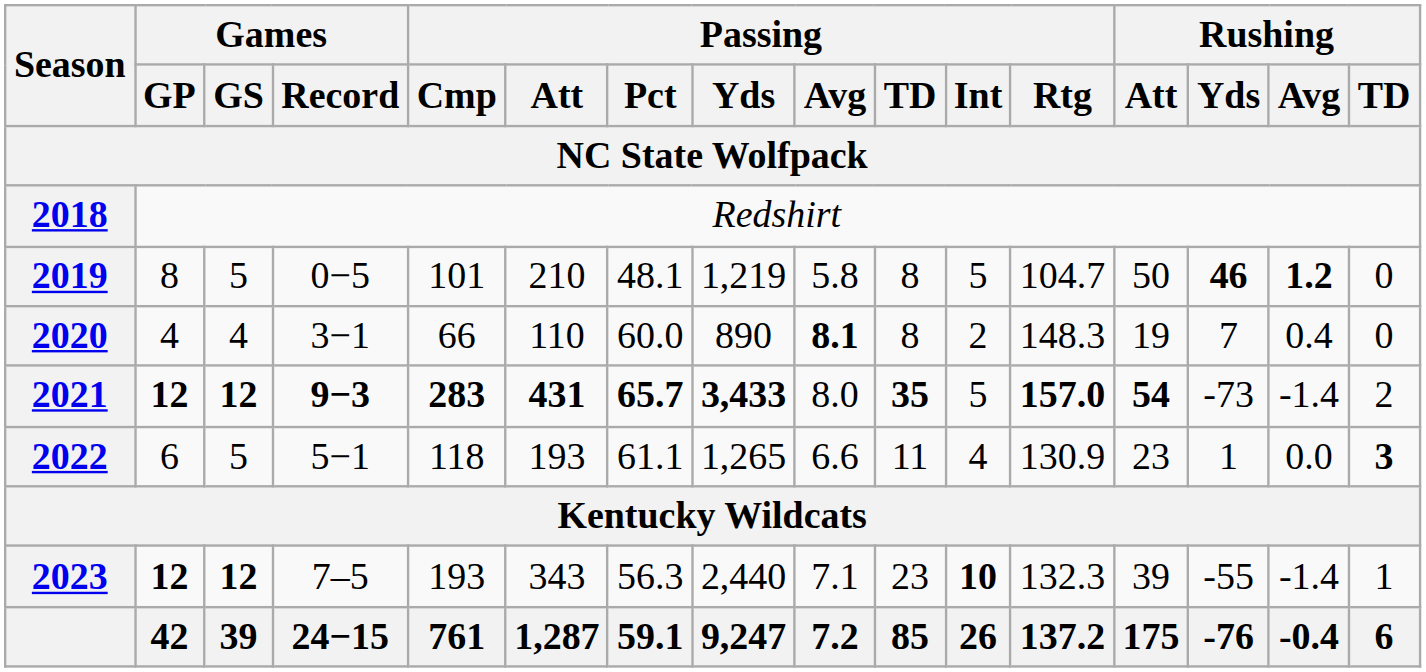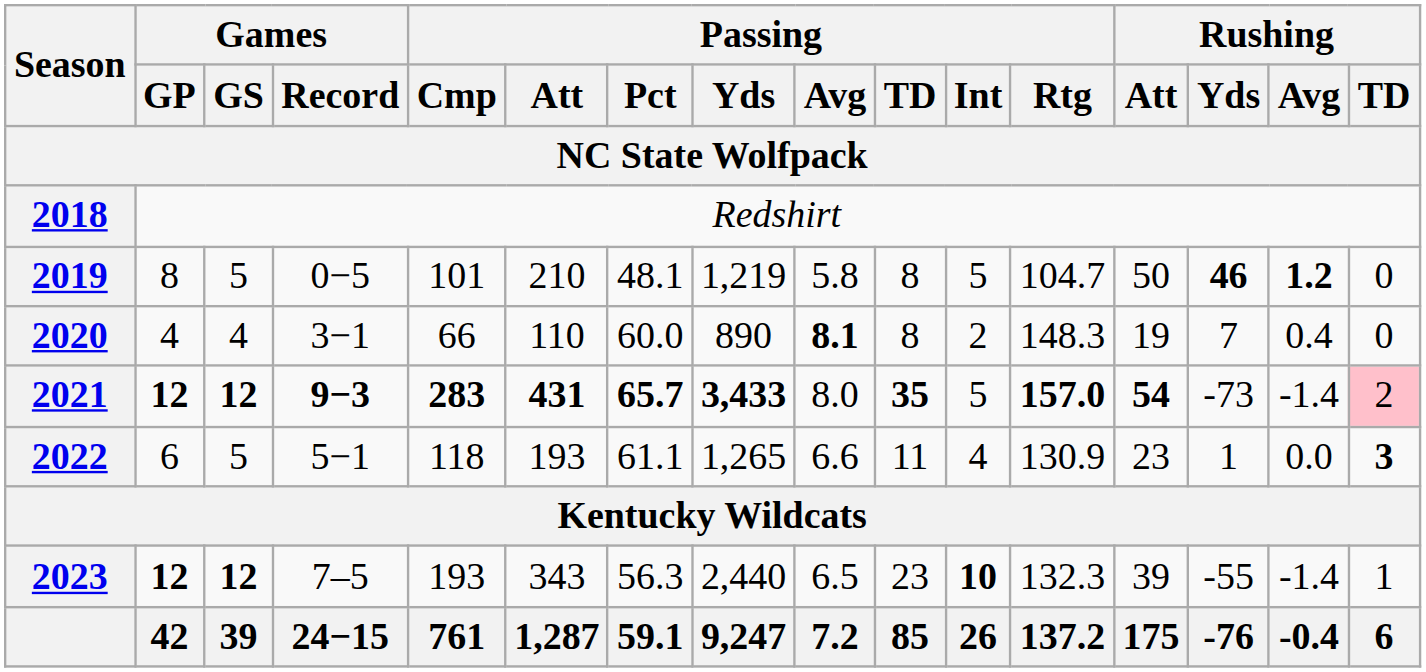 <table class="wikitable" style="text-align:center;">
 <tr>
 <th rowspan="2">Season</th>
 <th colspan="3">Games</th>
 <th colspan="8">Passing</th>
 <th colspan="5">Rushing</th>
 </tr>
 <tr>
 <th>GP</th>
 <th>GS</th>
 <th>Record</th>
 <th>Cmp</th>
 <th>Att</th>
 <th>Pct</th>
 <th>Yds</th>
 <th>Avg</th>
 <th>TD</th>
 <th>Int</th>
 <th>Rtg</th>
 <th>Att</th>
 <th>Yds</th>
 <th>Avg</th>
 <th>TD</th>
 </tr>
 <tr>
 <th colspan="16">NC State Wolfpack</th>
 </tr>
 <tr>
 <th><a href='#'>2018</a></th>
 <td colspan="15"><em>Redshirt </em></td>
 </tr>
 <tr>
 <th><a href='#'>2019</a></th>
 <td>8</td>
 <td>5</td>
 <td>0−5</td>
 <td>101</td>
 <td>210</td>
 <td>48.1</td>
 <td>1,219</td>
 <td>5.8</td>
 <td>8</td>
 <td>5</td>
 <td>104.7</td>
 <td>50</td>
 <td><strong>46</strong></td>
 <td><strong>1.2</strong></td>
 <td>0</td>
 </tr>
 <tr>
 <th><a href='#'>2020</a></th>
 <td>4</td>
 <td>4</td>
 <td>3−1</td>
 <td>66</td>
 <td>110</td>
 <td>60.0</td>
 <td>890</td>
 <td><strong>8.1</strong></td>
 <td>8</td>
 <td>2</td>
 <td>148.3</td>
 <td>19</td>
 <td>7</td>
 <td>0.4</td>
 <td>0</td>
 </tr>
 <tr>
 <th><a href='#'>2021</a></th>
 <td><strong>12</strong></td>
 <td><strong>12</strong></td>
 <td><strong>9−3</strong></td>
 <td><strong>283</strong></td>
 <td><strong>431</strong></td>
 <td><strong>65.7</strong></td>
 <td><strong>3,433</strong></td>
 <td>8.0</td>
 <td><strong>35</strong></td>
 <td>5</td>
 <td><strong>157.0</strong></td>
 <td><strong>54</strong></td>
 <td>-73</td>
 <td>-1.4</td>
-<td>2</td>
+<td style="background: pink;">2</td>
 </tr>
 <tr>
 <th><a href='#'>2022</a></th>
 <td>6</td>
 <td>5</td>
 <td>5−1</td>
 <td>118</td>
 <td>193</td>
 <td>61.1</td>
 <td>1,265</td>
 <td>6.6</td>
 <td>11</td>
 <td>4</td>
 <td>130.9</td>
 <td>23</td>
 <td>1</td>
 <td>0.0</td>
 <td><strong>3</strong></td>
 </tr>
 <tr>
 <th colspan="16">Kentucky Wildcats</th>
 </tr>
 <tr>
 <th><a href='#'>2023</a></th>
 <td><strong>12</strong></td>
 <td><strong>12</strong></td>
 <td>7–5</td>
 <td>193</td>
 <td>343</td>
 <td>56.3</td>
 <td>2,440</td>
-<td>7.1</td>
+<td>6.5</td>
 <td>23</td>
 <td><strong>10</strong></td>
 <td>132.3</td>
 <td>39</td>
 <td>-55</td>
 <td>-1.4</td>
 <td>1</td>
 </tr>
 <tr>
 <th></th>
 <th>42</th>
 <th>39</th>
 <th>24−15</th>
 <th>761</th>
 <th>1,287</th>
 <th>59.1</th>
 <th>9,247</th>
 <th>7.2</th>
 <th>85</th>
 <th>26</th>
 <th>137.2</th>
 <th>175</th>
 <th>-76</th>
 <th>-0.4</th>
 <th>6</th>
 </tr>
 </table>
